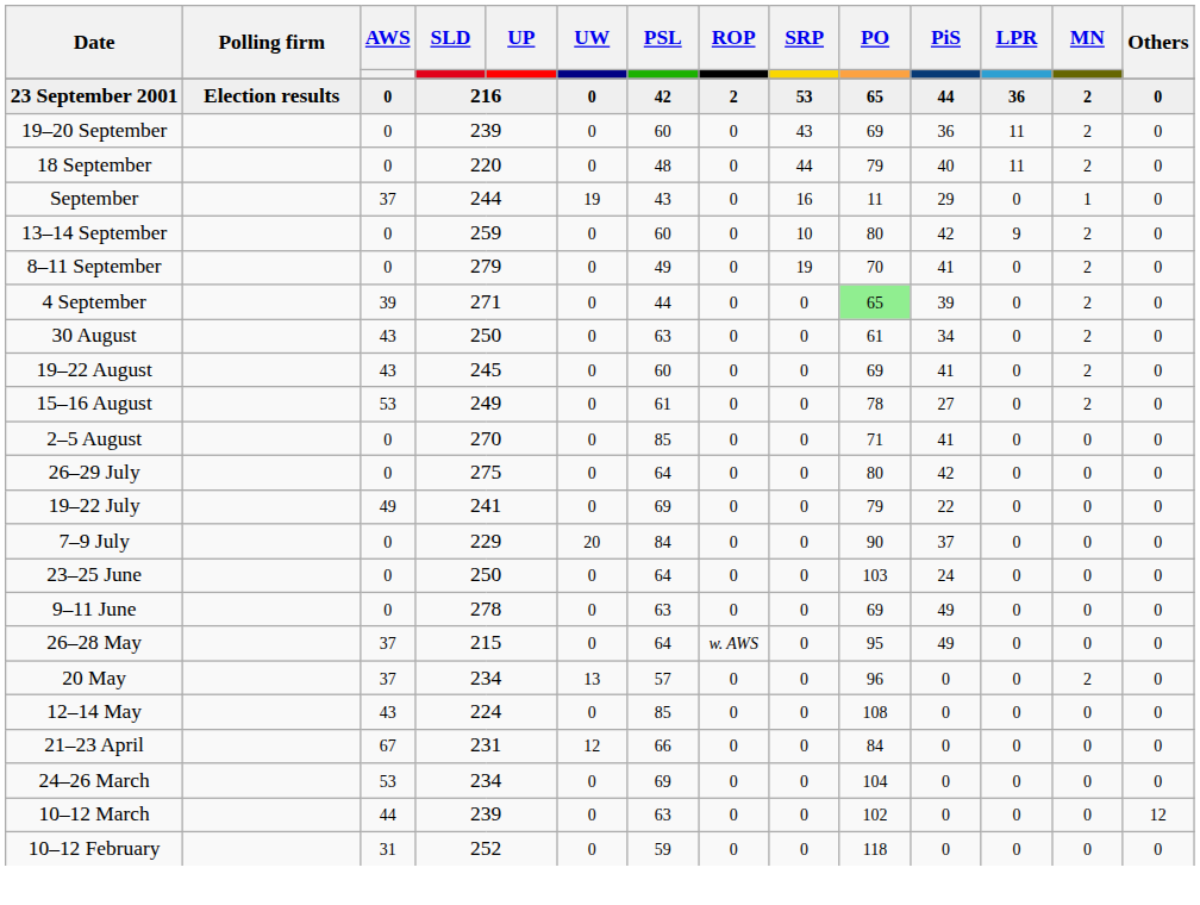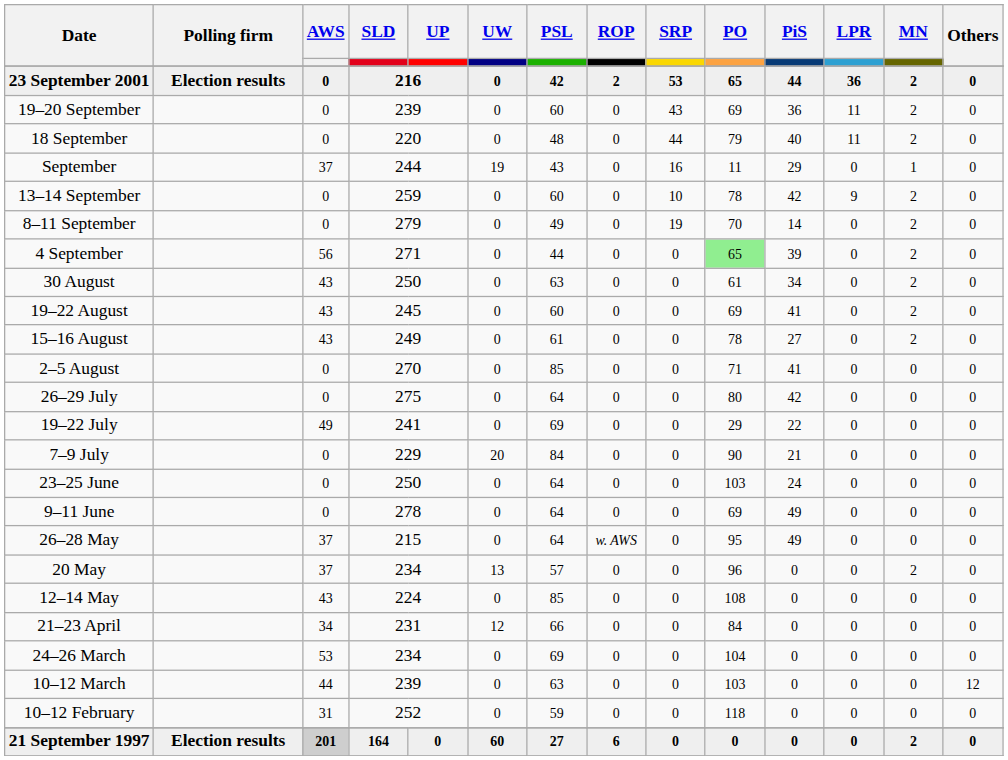 <table class="wikitable" style="text-align:center; font-size:85%; line-height:16px;">
 <tr style="height:42px;">
 <th style="width:110px;" rowspan="2">Date</th>
 <th style="width:110px;" rowspan="2">Polling firm</th>
 <th><a href='#'><span>AWS</span></a></th>
 <th><a href='#'><span>SLD</span></a></th>
 <th><a href='#'><span>UP</span></a></th>
 <th><a href='#'><span>UW</span></a></th>
 <th><a href='#'><span>PSL</span></a></th>
 <th><a href='#'><span>ROP</span></a></th>
 <th><a href='#'><span>SRP</span></a></th>
 <th><a href='#'><span>PO</span></a></th>
 <th><a href='#'><span>PiS</span></a></th>
 <th><a href='#'><span>LPR</span></a></th>
 <th><a href='#'><span>MN</span></a></th>
 <th style="width:40px;" rowspan="2">Others</th>
 </tr>
 <tr>
 <th style="background:"></th>
 <th style="background:#E2001A; width:40px;"></th>
 <th style="background:red; width:40px;"></th>
 <th style="background:#010084; width:40px;"></th>
 <th style="background:#1BB100; width:40px;"></th>
 <th style="background:#000000; width:40px;"></th>
 <th style="background:#FAD700; width:40px;"></th>
 <th style="background:#FCA241; width:40px;"></th>
 <th style="background:#073A76; width:40px;"></th>
 <th style="background:#2DA0D2; width:40px;"></th>
 <th style="background:#666600; width:40px;"></th>
 </tr>
 <tr>
 </tr>
 <tr style="background:#EFEFEF; font-weight:bold;">
 <td>23 September 2001</td>
 <td>Election results</td>
 <td style="font-size:80%">0</td>
 <td colspan=2 align=center style="background:">216</td>
 <td style="font-size:80%">0</td>
 <td style="font-size:80%">42</td>
 <td style="font-size:80%">2</td>
 <td style="font-size:80%">53</td>
 <td style="font-size:80%">65</td>
 <td style="font-size:80%">44</td>
 <td style="font-size:80%">36</td>
 <td style="font-size:80%">2</td>
 <td style="font-size:80%">0</td>
 </tr>
 <tr>
 <td>19–20 September</td>
 <td></td>
 <td style="font-size:80%">0</td>
 <td colspan=2 align=center style="background:">239</td>
 <td style="font-size:80%">0</td>
 <td style="font-size:80%">60</td>
 <td style="font-size:80%">0</td>
 <td style="font-size:80%">43</td>
 <td style="font-size:80%">69</td>
 <td style="font-size:80%">36</td>
 <td style="font-size:80%">11</td>
 <td style="font-size:80%">2</td>
 <td style="font-size:80%">0</td>
 </tr>
 <tr>
 <td>18 September</td>
 <td></td>
 <td style="font-size:80%">0</td>
 <td colspan=2 align=center style="background:">220</td>
 <td style="font-size:80%">0</td>
 <td style="font-size:80%">48</td>
 <td style="font-size:80%">0</td>
 <td style="font-size:80%">44</td>
 <td style="font-size:80%">79</td>
 <td style="font-size:80%">40</td>
 <td style="font-size:80%">11</td>
 <td style="font-size:80%">2</td>
 <td style="font-size:80%">0</td>
 </tr>
 <tr>
 <td>September</td>
 <td></td>
 <td style="font-size:80%">37</td>
 <td colspan=2 align=center style="background:">244</td>
 <td style="font-size:80%">19</td>
 <td style="font-size:80%">43</td>
 <td style="font-size:80%">0</td>
 <td style="font-size:80%">16</td>
 <td style="font-size:80%">11</td>
 <td style="font-size:80%">29</td>
 <td style="font-size:80%">0</td>
 <td style="font-size:80%">1</td>
 <td style="font-size:80%">0</td>
 </tr>
 <tr>
 <td>13–14 September</td>
 <td></td>
 <td style="font-size:80%">0</td>
 <td colspan=2 align=center style="background:">259</td>
 <td style="font-size:80%">0</td>
 <td style="font-size:80%">60</td>
 <td style="font-size:80%">0</td>
 <td style="font-size:80%">10</td>
-<td style="font-size:80%">80</td>
+<td style="font-size:80%">78</td>
 <td style="font-size:80%">42</td>
 <td style="font-size:80%">9</td>
 <td style="font-size:80%">2</td>
 <td style="font-size:80%">0</td>
 </tr>
 <tr>
 <td>8–11 September</td>
 <td></td>
 <td style="font-size:80%">0</td>
 <td colspan=2 align=center style="background:">279</td>
 <td style="font-size:80%">0</td>
 <td style="font-size:80%">49</td>
 <td style="font-size:80%">0</td>
 <td style="font-size:80%">19</td>
 <td style="font-size:80%">70</td>
-<td style="font-size:80%">41</td>
+<td style="font-size:80%">14</td>
 <td style="font-size:80%">0</td>
 <td style="font-size:80%">2</td>
 <td style="font-size:80%">0</td>
 </tr>
 <tr>
 <td>4 September</td>
 <td></td>
-<td style="font-size:80%">39</td>
+<td style="font-size:80%">56</td>
 <td colspan=2 align=center style="background:">271</td>
 <td style="font-size:80%">0</td>
 <td style="font-size:80%">44</td>
 <td style="font-size:80%">0</td>
 <td style="font-size:80%">0</td>
 <td style="background: lightgreen; font-size:80%">65</td>
 <td style="font-size:80%">39</td>
 <td style="font-size:80%">0</td>
 <td style="font-size:80%">2</td>
 <td style="font-size:80%">0</td>
 </tr>
 <tr>
 <td>30 August</td>
 <td></td>
 <td style="font-size:80%">43</td>
 <td colspan=2 align=center style="background:">250</td>
 <td style="font-size:80%">0</td>
 <td style="font-size:80%">63</td>
 <td style="font-size:80%">0</td>
 <td style="font-size:80%">0</td>
 <td style="font-size:80%">61</td>
 <td style="font-size:80%">34</td>
 <td style="font-size:80%">0</td>
 <td style="font-size:80%">2</td>
 <td style="font-size:80%">0</td>
 </tr>
 <tr>
 <td>19–22 August</td>
 <td></td>
 <td style="font-size:80%">43</td>
 <td colspan=2 align=center style="background:">245</td>
 <td style="font-size:80%">0</td>
 <td style="font-size:80%">60</td>
 <td style="font-size:80%">0</td>
 <td style="font-size:80%">0</td>
 <td style="font-size:80%">69</td>
 <td style="font-size:80%">41</td>
 <td style="font-size:80%">0</td>
 <td style="font-size:80%">2</td>
 <td style="font-size:80%">0</td>
 </tr>
 <tr>
 <td>15–16 August</td>
 <td></td>
-<td style="font-size:80%">53</td>
+<td style="font-size:80%">43</td>
 <td colspan=2 align=center style="background:">249</td>
 <td style="font-size:80%">0</td>
 <td style="font-size:80%">61</td>
 <td style="font-size:80%">0</td>
 <td style="font-size:80%">0</td>
 <td style="font-size:80%">78</td>
 <td style="font-size:80%">27</td>
 <td style="font-size:80%">0</td>
 <td style="font-size:80%">2</td>
 <td style="font-size:80%">0</td>
 </tr>
 <tr>
 <td>2–5 August</td>
 <td></td>
 <td style="font-size:80%">0</td>
 <td colspan=2 align=center style="background:">270</td>
 <td style="font-size:80%">0</td>
 <td style="font-size:80%">85</td>
 <td style="font-size:80%">0</td>
 <td style="font-size:80%">0</td>
 <td style="font-size:80%">71</td>
 <td style="font-size:80%">41</td>
 <td style="font-size:80%">0</td>
 <td style="font-size:80%">0</td>
 <td style="font-size:80%">0</td>
 </tr>
 <tr>
 <td>26–29 July</td>
 <td></td>
 <td style="font-size:80%">0</td>
 <td colspan=2 align=center style="background:">275</td>
 <td style="font-size:80%">0</td>
 <td style="font-size:80%">64</td>
 <td style="font-size:80%">0</td>
 <td style="font-size:80%">0</td>
 <td style="font-size:80%">80</td>
 <td style="font-size:80%">42</td>
 <td style="font-size:80%">0</td>
 <td style="font-size:80%">0</td>
 <td style="font-size:80%">0</td>
 </tr>
 <tr>
 <td>19–22 July</td>
 <td></td>
 <td style="font-size:80%">49</td>
 <td colspan=2 align=center style="background:">241</td>
 <td style="font-size:80%">0</td>
 <td style="font-size:80%">69</td>
 <td style="font-size:80%">0</td>
 <td style="font-size:80%">0</td>
-<td style="font-size:80%">79</td>
+<td style="font-size:80%">29</td>
 <td style="font-size:80%">22</td>
 <td style="font-size:80%">0</td>
 <td style="font-size:80%">0</td>
 <td style="font-size:80%">0</td>
 </tr>
 <tr>
 <td>7–9 July</td>
 <td></td>
 <td style="font-size:80%">0</td>
 <td colspan=2 align=center style="background:">229</td>
 <td style="font-size:80%">20</td>
 <td style="font-size:80%">84</td>
 <td style="font-size:80%">0</td>
 <td style="font-size:80%">0</td>
 <td style="font-size:80%">90</td>
-<td style="font-size:80%">37</td>
+<td style="font-size:80%">21</td>
 <td style="font-size:80%">0</td>
 <td style="font-size:80%">0</td>
 <td style="font-size:80%">0</td>
 </tr>
 <tr>
 <td>23–25 June</td>
 <td></td>
 <td style="font-size:80%">0</td>
 <td colspan=2 align=center style="background:">250</td>
 <td style="font-size:80%">0</td>
 <td style="font-size:80%">64</td>
 <td style="font-size:80%">0</td>
 <td style="font-size:80%">0</td>
 <td style="font-size:80%">103</td>
 <td style="font-size:80%">24</td>
 <td style="font-size:80%">0</td>
 <td style="font-size:80%">0</td>
 <td style="font-size:80%">0</td>
 </tr>
 <tr>
 <td>9–11 June</td>
 <td></td>
 <td style="font-size:80%">0</td>
 <td colspan=2 align=center style="background:">278</td>
 <td style="font-size:80%">0</td>
-<td style="font-size:80%">63</td>
+<td style="font-size:80%">64</td>
 <td style="font-size:80%">0</td>
 <td style="font-size:80%">0</td>
 <td style="font-size:80%">69</td>
 <td style="font-size:80%">49</td>
 <td style="font-size:80%">0</td>
 <td style="font-size:80%">0</td>
 <td style="font-size:80%">0</td>
 </tr>
 <tr>
 <td>26–28 May</td>
 <td></td>
 <td style="font-size:80%">37</td>
 <td colspan=2 align=center style="background:">215</td>
 <td style="font-size:80%">0</td>
 <td style="font-size:80%">64</td>
 <td style="font-size:80%"><em>w. AWS</em></td>
 <td style="font-size:80%">0</td>
 <td style="font-size:80%">95</td>
 <td style="font-size:80%">49</td>
 <td style="font-size:80%">0</td>
 <td style="font-size:80%">0</td>
 <td style="font-size:80%">0</td>
 </tr>
 <tr>
 <td>20 May</td>
 <td></td>
 <td style="font-size:80%">37</td>
 <td colspan=2 align=center style="background:">234</td>
 <td style="font-size:80%">13</td>
 <td style="font-size:80%">57</td>
 <td style="font-size:80%">0</td>
 <td style="font-size:80%">0</td>
 <td style="font-size:80%">96</td>
 <td style="font-size:80%">0</td>
 <td style="font-size:80%">0</td>
 <td style="font-size:80%">2</td>
 <td style="font-size:80%">0</td>
 </tr>
 <tr>
 <td>12–14 May</td>
 <td></td>
 <td style="font-size:80%">43</td>
 <td colspan=2 align=center style="background:">224</td>
 <td style="font-size:80%">0</td>
 <td style="font-size:80%">85</td>
 <td style="font-size:80%">0</td>
 <td style="font-size:80%">0</td>
 <td style="font-size:80%">108</td>
 <td style="font-size:80%">0</td>
 <td style="font-size:80%">0</td>
 <td style="font-size:80%">0</td>
 <td style="font-size:80%">0</td>
 </tr>
 <tr>
 <td>21–23 April</td>
 <td></td>
-<td style="font-size:80%">67</td>
+<td style="font-size:80%">34</td>
 <td colspan=2 align=center style="background:">231</td>
 <td style="font-size:80%">12</td>
 <td style="font-size:80%">66</td>
 <td style="font-size:80%">0</td>
 <td style="font-size:80%">0</td>
 <td style="font-size:80%">84</td>
 <td style="font-size:80%">0</td>
 <td style="font-size:80%">0</td>
 <td style="font-size:80%">0</td>
 <td style="font-size:80%">0</td>
 </tr>
 <tr>
 <td>24–26 March</td>
 <td></td>
 <td style="font-size:80%">53</td>
 <td colspan=2 align=center style="background:">234</td>
 <td style="font-size:80%">0</td>
 <td style="font-size:80%">69</td>
 <td style="font-size:80%">0</td>
 <td style="font-size:80%">0</td>
 <td style="font-size:80%">104</td>
 <td style="font-size:80%">0</td>
 <td style="font-size:80%">0</td>
 <td style="font-size:80%">0</td>
 <td style="font-size:80%">0</td>
 </tr>
 <tr>
 <td>10–12 March</td>
 <td></td>
 <td style="font-size:80%">44</td>
 <td colspan=2 align=center style="background:">239</td>
 <td style="font-size:80%">0</td>
 <td style="font-size:80%">63</td>
 <td style="font-size:80%">0</td>
 <td style="font-size:80%">0</td>
-<td style="font-size:80%">102</td>
+<td style="font-size:80%">103</td>
 <td style="font-size:80%">0</td>
 <td style="font-size:80%">0</td>
 <td style="font-size:80%">0</td>
 <td style="font-size:80%">12</td>
 </tr>
 <tr>
 <td>10–12 February</td>
 <td></td>
 <td style="font-size:80%">31</td>
 <td colspan=2 align=center style="background:">252</td>
 <td style="font-size:80%">0</td>
 <td style="font-size:80%">59</td>
 <td style="font-size:80%">0</td>
 <td style="font-size:80%">0</td>
 <td style="font-size:80%">118</td>
 <td style="font-size:80%">0</td>
 <td style="font-size:80%">0</td>
 <td style="font-size:80%">0</td>
 <td style="font-size:80%">0</td>
 </tr>
 <tr>
 </tr>
+<tr style="background:#EFEFEF; font-weight:bold;">
+<td>21 September 1997</td>
+<td>Election results</td>
+<td style="background:#CECECE;font-size:80%">201</td>
+<td style="font-size:80%">164</td>
+<td style="font-size:80%">0</td>
+<td style="font-size:80%">60</td>
+<td style="font-size:80%">27</td>
+<td style="font-size:80%">6</td>
+<td style="font-size:80%">0</td>
+<td style="font-size:80%">0</td>
+<td style="font-size:80%">0</td>
+<td style="font-size:80%">0</td>
+<td style="font-size:80%">2</td>
+<td style="font-size:80%">0</td>
+</tr>
 <tr>
 </tr>
 </table>
